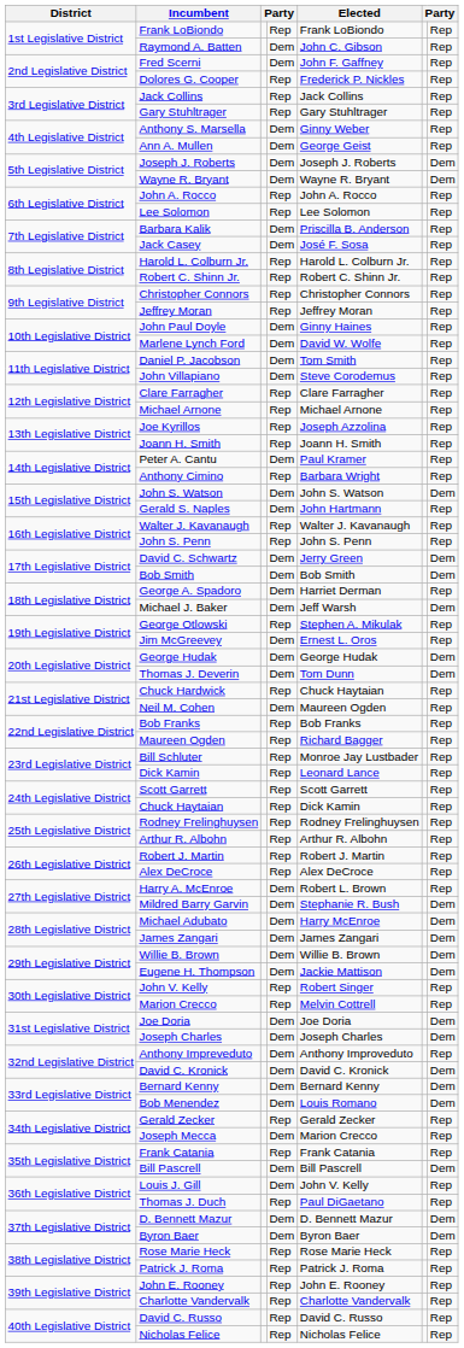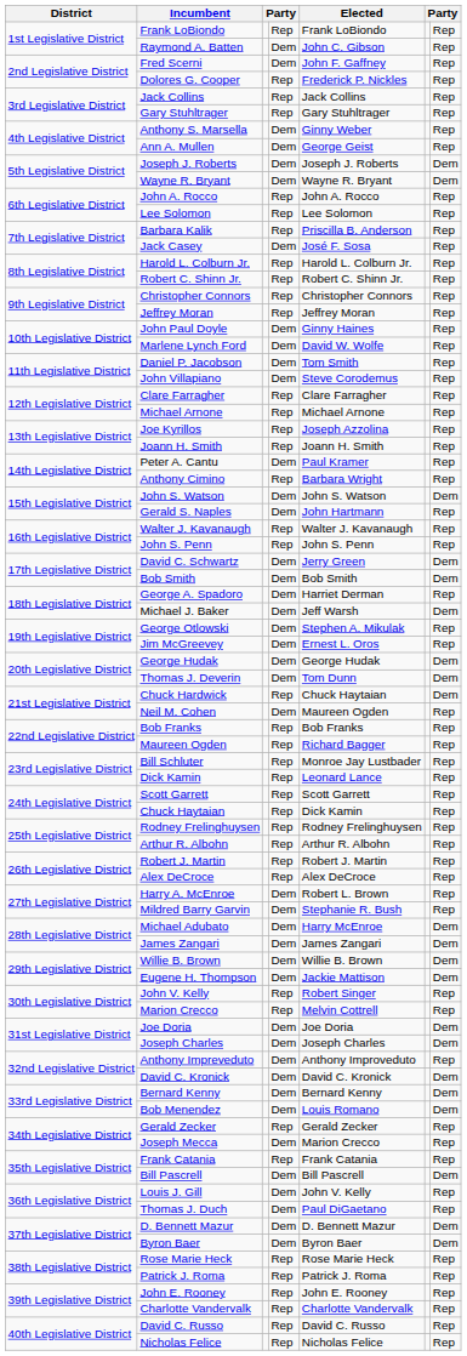 <table class="sortable wikitable" style="font-size:95%;line-height:14px;">
 <tr>
 <th>District</th>
 <th class="unsortable"><a href='#'>Incumbent</a></th>
 <th colspan="2">Party</th>
 <th class="unsortable">Elected</th>
 <th colspan="2">Party</th>
 </tr>
 <tr>
 <td rowspan="2"><a href='#'>1st Legislative District</a></td>
 <td><a href='#'>Frank LoBiondo</a></td>
 <td style="background:"></td>
 <td>Rep</td>
 <td>Frank LoBiondo</td>
 <td style="background:"></td>
 <td>Rep</td>
 </tr>
 <tr>
 <td><a href='#'>Raymond A. Batten</a></td>
 <td style="background:"></td>
 <td>Dem</td>
 <td><a href='#'>John C. Gibson</a></td>
 <td style="background:"></td>
 <td>Rep</td>
 </tr>
 <tr>
 <td rowspan="2"><a href='#'>2nd Legislative District</a></td>
 <td><a href='#'>Fred Scerni</a></td>
 <td style="background:"></td>
 <td>Dem</td>
 <td><a href='#'>John F. Gaffney</a></td>
 <td style="background:"></td>
 <td>Rep</td>
 </tr>
 <tr>
 <td><a href='#'>Dolores G. Cooper</a></td>
 <td style="background:"></td>
 <td>Rep</td>
 <td><a href='#'>Frederick P. Nickles</a></td>
 <td style="background:"></td>
 <td>Rep</td>
 </tr>
 <tr>
 <td rowspan="2"><a href='#'>3rd Legislative District</a></td>
 <td><a href='#'>Jack Collins</a></td>
 <td style="background:"></td>
 <td>Rep</td>
 <td>Jack Collins</td>
 <td style="background:"></td>
 <td>Rep</td>
 </tr>
 <tr>
 <td><a href='#'>Gary Stuhltrager</a></td>
 <td style="background:"></td>
 <td>Rep</td>
 <td>Gary Stuhltrager</td>
 <td style="background:"></td>
 <td>Rep</td>
 </tr>
 <tr>
 <td rowspan="2"><a href='#'>4th Legislative District</a></td>
 <td><a href='#'>Anthony S. Marsella</a></td>
 <td style="background:"></td>
 <td>Dem</td>
 <td><a href='#'>Ginny Weber</a></td>
 <td style="background:"></td>
 <td>Rep</td>
 </tr>
 <tr>
 <td><a href='#'>Ann A. Mullen</a></td>
 <td style="background:"></td>
 <td>Dem</td>
 <td><a href='#'>George Geist</a></td>
 <td style="background:"></td>
 <td>Rep</td>
 </tr>
 <tr>
 <td rowspan="2"><a href='#'>5th Legislative District</a></td>
 <td><a href='#'>Joseph J. Roberts</a></td>
 <td style="background:"></td>
 <td>Dem</td>
 <td>Joseph J. Roberts</td>
 <td style="background:"></td>
 <td>Dem</td>
 </tr>
 <tr>
 <td><a href='#'>Wayne R. Bryant</a></td>
 <td style="background:"></td>
 <td>Dem</td>
 <td>Wayne R. Bryant</td>
 <td style="background:"></td>
 <td>Dem</td>
 </tr>
 <tr>
 <td rowspan="2"><a href='#'>6th Legislative District</a></td>
 <td><a href='#'>John A. Rocco</a></td>
 <td style="background:"></td>
 <td>Rep</td>
 <td>John A. Rocco</td>
 <td style="background:"></td>
 <td>Rep</td>
 </tr>
 <tr>
 <td><a href='#'>Lee Solomon</a></td>
 <td style="background:"></td>
 <td>Rep</td>
 <td>Lee Solomon</td>
 <td style="background:"></td>
 <td>Rep</td>
 </tr>
 <tr>
 <td rowspan="2"><a href='#'>7th Legislative District</a></td>
 <td><a href='#'>Barbara Kalik</a></td>
 <td style="background:"></td>
-<td>Dem</td>
+<td>Rep</td>
 <td><a href='#'>Priscilla B. Anderson</a></td>
 <td style="background:"></td>
 <td>Rep</td>
 </tr>
 <tr>
 <td><a href='#'>Jack Casey</a></td>
 <td style="background:"></td>
 <td>Dem</td>
 <td><a href='#'>José F. Sosa</a></td>
 <td style="background:"></td>
 <td>Rep</td>
 </tr>
 <tr>
 <td rowspan="2"><a href='#'>8th Legislative District</a></td>
 <td><a href='#'>Harold L. Colburn Jr.</a></td>
 <td style="background:"></td>
 <td>Rep</td>
 <td>Harold L. Colburn Jr.</td>
 <td style="background:"></td>
 <td>Rep</td>
 </tr>
 <tr>
 <td><a href='#'>Robert C. Shinn Jr.</a></td>
 <td style="background:"></td>
 <td>Rep</td>
 <td>Robert C. Shinn Jr.</td>
 <td style="background:"></td>
 <td>Rep</td>
 </tr>
 <tr>
 <td rowspan="2"><a href='#'>9th Legislative District</a></td>
 <td><a href='#'>Christopher Connors</a></td>
 <td style="background:"></td>
 <td>Rep</td>
 <td>Christopher Connors</td>
 <td style="background:"></td>
 <td>Rep</td>
 </tr>
 <tr>
 <td><a href='#'>Jeffrey Moran</a></td>
 <td style="background:"></td>
 <td>Rep</td>
 <td>Jeffrey Moran</td>
 <td style="background:"></td>
 <td>Rep</td>
 </tr>
 <tr>
 <td rowspan="2"><a href='#'>10th Legislative District</a></td>
 <td><a href='#'>John Paul Doyle</a></td>
 <td style="background:"></td>
 <td>Dem</td>
 <td><a href='#'>Ginny Haines</a></td>
 <td style="background:"></td>
 <td>Rep</td>
 </tr>
 <tr>
 <td><a href='#'>Marlene Lynch Ford</a></td>
 <td style="background:"></td>
 <td>Dem</td>
 <td><a href='#'>David W. Wolfe</a></td>
 <td style="background:"></td>
 <td>Rep</td>
 </tr>
 <tr>
 <td rowspan="2"><a href='#'>11th Legislative District</a></td>
 <td><a href='#'>Daniel P. Jacobson</a></td>
 <td style="background:"></td>
 <td>Dem</td>
 <td><a href='#'>Tom Smith</a></td>
 <td style="background:"></td>
 <td>Rep</td>
 </tr>
 <tr>
 <td><a href='#'>John Villapiano</a></td>
 <td style="background:"></td>
 <td>Dem</td>
 <td><a href='#'>Steve Corodemus</a></td>
 <td style="background:"></td>
 <td>Rep</td>
 </tr>
 <tr>
 <td rowspan="2"><a href='#'>12th Legislative District</a></td>
 <td><a href='#'>Clare Farragher</a></td>
 <td style="background:"></td>
 <td>Rep</td>
 <td>Clare Farragher</td>
 <td style="background:"></td>
 <td>Rep</td>
 </tr>
 <tr>
 <td><a href='#'>Michael Arnone</a></td>
 <td style="background:"></td>
 <td>Rep</td>
 <td>Michael Arnone</td>
 <td style="background:"></td>
 <td>Rep</td>
 </tr>
 <tr>
 <td rowspan="2"><a href='#'>13th Legislative District</a></td>
 <td><a href='#'>Joe Kyrillos</a></td>
 <td style="background:"></td>
 <td>Rep</td>
 <td><a href='#'>Joseph Azzolina</a></td>
 <td style="background:"></td>
 <td>Rep</td>
 </tr>
 <tr>
 <td><a href='#'>Joann H. Smith</a></td>
 <td style="background:"></td>
 <td>Rep</td>
 <td>Joann H. Smith</td>
 <td style="background:"></td>
 <td>Rep</td>
 </tr>
 <tr>
 <td rowspan="2"><a href='#'>14th Legislative District</a></td>
 <td>Peter A. Cantu</td>
 <td style="background:"></td>
 <td>Dem</td>
 <td><a href='#'>Paul Kramer</a></td>
 <td style="background:"></td>
 <td>Rep</td>
 </tr>
 <tr>
 <td><a href='#'>Anthony Cimino</a></td>
 <td style="background:"></td>
 <td>Rep</td>
 <td><a href='#'>Barbara Wright</a></td>
 <td style="background:"></td>
 <td>Rep</td>
 </tr>
 <tr>
 <td rowspan="2"><a href='#'>15th Legislative District</a></td>
 <td><a href='#'>John S. Watson</a></td>
 <td style="background:"></td>
 <td>Dem</td>
 <td>John S. Watson</td>
 <td style="background:"></td>
 <td>Dem</td>
 </tr>
 <tr>
 <td><a href='#'>Gerald S. Naples</a></td>
 <td style="background:"></td>
 <td>Dem</td>
 <td><a href='#'>John Hartmann</a></td>
 <td style="background:"></td>
 <td>Rep</td>
 </tr>
 <tr>
 <td rowspan="2"><a href='#'>16th Legislative District</a></td>
 <td><a href='#'>Walter J. Kavanaugh</a></td>
 <td style="background:"></td>
 <td>Rep</td>
 <td>Walter J. Kavanaugh</td>
 <td style="background:"></td>
 <td>Rep</td>
 </tr>
 <tr>
 <td><a href='#'>John S. Penn</a></td>
 <td style="background:"></td>
 <td>Rep</td>
 <td>John S. Penn</td>
 <td style="background:"></td>
 <td>Rep</td>
 </tr>
 <tr>
 <td rowspan="2"><a href='#'>17th Legislative District</a></td>
 <td><a href='#'>David C. Schwartz</a></td>
 <td style="background:"></td>
 <td>Dem</td>
 <td><a href='#'>Jerry Green</a></td>
 <td style="background:"></td>
 <td>Dem</td>
 </tr>
 <tr>
 <td><a href='#'>Bob Smith</a></td>
 <td style="background:"></td>
 <td>Dem</td>
 <td>Bob Smith</td>
 <td style="background:"></td>
 <td>Dem</td>
 </tr>
 <tr>
 <td rowspan="2"><a href='#'>18th Legislative District</a></td>
 <td><a href='#'>George A. Spadoro</a></td>
 <td style="background:"></td>
 <td>Dem</td>
 <td>Harriet Derman</td>
 <td style="background:"></td>
 <td>Rep</td>
 </tr>
 <tr>
 <td>Michael J. Baker</td>
 <td style="background:"></td>
 <td>Dem</td>
 <td>Jeff Warsh</td>
 <td style="background:"></td>
 <td>Dem</td>
 </tr>
 <tr>
 <td rowspan="2"><a href='#'>19th Legislative District</a></td>
 <td><a href='#'>George Otlowski</a></td>
 <td style="background:"></td>
-<td>Rep</td>
+<td>Dem</td>
 <td><a href='#'>Stephen A. Mikulak</a></td>
 <td style="background:"></td>
 <td>Rep</td>
 </tr>
 <tr>
 <td><a href='#'>Jim McGreevey</a></td>
 <td style="background:"></td>
 <td>Dem</td>
 <td><a href='#'>Ernest L. Oros</a></td>
 <td style="background:"></td>
 <td>Rep</td>
 </tr>
 <tr>
 <td rowspan="2"><a href='#'>20th Legislative District</a></td>
 <td><a href='#'>George Hudak</a></td>
 <td style="background:"></td>
 <td>Dem</td>
 <td>George Hudak</td>
 <td style="background:"></td>
 <td>Dem</td>
 </tr>
 <tr>
 <td><a href='#'>Thomas J. Deverin</a></td>
 <td style="background:"></td>
 <td>Dem</td>
 <td><a href='#'>Tom Dunn</a></td>
 <td style="background:"></td>
 <td>Dem</td>
 </tr>
 <tr>
 <td rowspan="2"><a href='#'>21st Legislative District</a></td>
 <td><a href='#'>Chuck Hardwick</a></td>
 <td style="background:"></td>
 <td>Rep</td>
 <td>Chuck Haytaian</td>
 <td style="background:"></td>
-<td>Rep</td>
+<td>Dem</td>
 </tr>
 <tr>
 <td><a href='#'>Neil M. Cohen</a></td>
 <td style="background:"></td>
 <td>Dem</td>
 <td>Maureen Ogden</td>
 <td style="background:"></td>
 <td>Rep</td>
 </tr>
 <tr>
 <td rowspan="2"><a href='#'>22nd Legislative District</a></td>
 <td><a href='#'>Bob Franks</a></td>
 <td style="background:"></td>
 <td>Rep</td>
 <td>Bob Franks</td>
 <td style="background:"></td>
 <td>Rep</td>
 </tr>
 <tr>
 <td><a href='#'>Maureen Ogden</a></td>
 <td style="background:"></td>
 <td>Rep</td>
 <td><a href='#'>Richard Bagger</a></td>
 <td style="background:"></td>
 <td>Rep</td>
 </tr>
 <tr>
 <td rowspan="2"><a href='#'>23rd Legislative District</a></td>
 <td><a href='#'>Bill Schluter</a><a href='#'></a></td>
 <td style="background:"></td>
 <td>Rep</td>
 <td>Monroe Jay Lustbader</td>
 <td style="background:"></td>
 <td>Rep</td>
 </tr>
 <tr>
 <td><a href='#'>Dick Kamin</a></td>
 <td style="background:"></td>
 <td>Rep</td>
 <td><a href='#'>Leonard Lance</a></td>
 <td style="background:"></td>
 <td>Rep</td>
 </tr>
 <tr>
 <td rowspan="2"><a href='#'>24th Legislative District</a></td>
 <td><a href='#'>Scott Garrett</a></td>
 <td style="background:"></td>
 <td>Rep</td>
 <td>Scott Garrett</td>
 <td style="background:"></td>
 <td>Rep</td>
 </tr>
 <tr>
 <td><a href='#'>Chuck Haytaian</a></td>
 <td style="background:"></td>
 <td>Rep</td>
 <td>Dick Kamin</td>
 <td style="background:"></td>
 <td>Rep</td>
 </tr>
 <tr>
 <td rowspan="2"><a href='#'>25th Legislative District</a></td>
 <td><a href='#'>Rodney Frelinghuysen</a></td>
 <td style="background:"></td>
 <td>Rep</td>
 <td>Rodney Frelinghuysen</td>
 <td style="background:"></td>
 <td>Rep</td>
 </tr>
 <tr>
 <td><a href='#'>Arthur R. Albohn</a></td>
 <td style="background:"></td>
 <td>Rep</td>
 <td>Arthur R. Albohn</td>
 <td style="background:"></td>
 <td>Rep</td>
 </tr>
 <tr>
 <td rowspan="2"><a href='#'>26th Legislative District</a></td>
 <td><a href='#'>Robert J. Martin</a></td>
 <td style="background:"></td>
 <td>Rep</td>
 <td>Robert J. Martin</td>
 <td style="background:"></td>
 <td>Rep</td>
 </tr>
 <tr>
 <td><a href='#'>Alex DeCroce</a></td>
 <td style="background:"></td>
 <td>Rep</td>
 <td>Alex DeCroce</td>
 <td style="background:"></td>
 <td>Rep</td>
 </tr>
 <tr>
 <td rowspan="2"><a href='#'>27th Legislative District</a></td>
 <td><a href='#'>Harry A. McEnroe</a></td>
 <td style="background:"></td>
 <td>Dem</td>
 <td>Robert L. Brown</td>
 <td style="background:"></td>
 <td>Rep</td>
 </tr>
 <tr>
 <td><a href='#'>Mildred Barry Garvin</a></td>
 <td style="background:"></td>
 <td>Dem</td>
 <td><a href='#'>Stephanie R. Bush</a></td>
 <td style="background:"></td>
-<td>Dem</td>
+<td>Rep</td>
 </tr>
 <tr>
 <td rowspan="2"><a href='#'>28th Legislative District</a></td>
 <td><a href='#'>Michael Adubato</a></td>
 <td style="background:"></td>
 <td>Dem</td>
 <td><a href='#'>Harry McEnroe</a></td>
 <td style="background:"></td>
 <td>Dem</td>
 </tr>
 <tr>
 <td><a href='#'>James Zangari</a></td>
 <td style="background:"></td>
 <td>Dem</td>
 <td>James Zangari</td>
 <td style="background:"></td>
 <td>Dem</td>
 </tr>
 <tr>
 <td rowspan="2"><a href='#'>29th Legislative District</a></td>
 <td><a href='#'>Willie B. Brown</a></td>
 <td style="background:"></td>
 <td>Dem</td>
 <td>Willie B. Brown</td>
 <td style="background:"></td>
 <td>Dem</td>
 </tr>
 <tr>
 <td><a href='#'>Eugene H. Thompson</a></td>
 <td style="background:"></td>
 <td>Dem</td>
 <td><a href='#'>Jackie Mattison</a></td>
 <td style="background:"></td>
 <td>Dem</td>
 </tr>
 <tr>
 <td rowspan="2"><a href='#'>30th Legislative District</a></td>
 <td><a href='#'>John V. Kelly</a></td>
 <td style="background:"></td>
 <td>Rep</td>
 <td><a href='#'>Robert Singer</a></td>
 <td style="background:"></td>
 <td>Rep</td>
 </tr>
 <tr>
 <td><a href='#'>Marion Crecco</a></td>
 <td style="background:"></td>
 <td>Rep</td>
 <td><a href='#'>Melvin Cottrell</a></td>
 <td style="background:"></td>
 <td>Rep</td>
 </tr>
 <tr>
 <td rowspan="2"><a href='#'>31st Legislative District</a></td>
 <td><a href='#'>Joe Doria</a></td>
 <td style="background:"></td>
 <td>Dem</td>
 <td>Joe Doria</td>
 <td style="background:"></td>
 <td>Dem</td>
 </tr>
 <tr>
 <td><a href='#'>Joseph Charles</a></td>
 <td style="background:"></td>
 <td>Dem</td>
 <td>Joseph Charles</td>
 <td style="background:"></td>
 <td>Dem</td>
 </tr>
 <tr>
 <td rowspan="2"><a href='#'>32nd Legislative District</a></td>
 <td><a href='#'>Anthony Impreveduto</a></td>
 <td style="background:"></td>
 <td>Dem</td>
 <td>Anthony Improveduto</td>
 <td style="background:"></td>
 <td>Rep</td>
 </tr>
 <tr>
 <td><a href='#'>David C. Kronick</a></td>
 <td style="background:"></td>
 <td>Dem</td>
 <td>David C. Kronick</td>
 <td style="background:"></td>
 <td>Dem</td>
 </tr>
 <tr>
 <td rowspan="2"><a href='#'>33rd Legislative District</a></td>
 <td><a href='#'>Bernard Kenny</a></td>
 <td style="background:"></td>
 <td>Dem</td>
 <td>Bernard Kenny</td>
 <td style="background:"></td>
 <td>Dem</td>
 </tr>
 <tr>
 <td><a href='#'>Bob Menendez</a></td>
 <td style="background:"></td>
 <td>Dem</td>
 <td><a href='#'>Louis Romano</a></td>
 <td style="background:"></td>
 <td>Dem</td>
 </tr>
 <tr>
 <td rowspan="2"><a href='#'>34th Legislative District</a></td>
 <td><a href='#'>Gerald Zecker</a></td>
 <td style="background:"></td>
 <td>Rep</td>
 <td>Gerald Zecker</td>
 <td style="background:"></td>
 <td>Rep</td>
 </tr>
 <tr>
 <td><a href='#'>Joseph Mecca</a></td>
 <td style="background:"></td>
 <td>Dem</td>
 <td>Marion Crecco</td>
 <td style="background:"></td>
 <td>Rep</td>
 </tr>
 <tr>
 <td rowspan="2"><a href='#'>35th Legislative District</a></td>
 <td><a href='#'>Frank Catania</a></td>
 <td style="background:"></td>
 <td>Rep</td>
 <td>Frank Catania</td>
 <td style="background:"></td>
 <td>Rep</td>
 </tr>
 <tr>
 <td><a href='#'>Bill Pascrell</a></td>
 <td style="background:"></td>
 <td>Dem</td>
 <td>Bill Pascrell</td>
 <td style="background:"></td>
 <td>Dem</td>
 </tr>
 <tr>
 <td rowspan="2"><a href='#'>36th Legislative District</a></td>
 <td><a href='#'>Louis J. Gill</a></td>
 <td style="background:"></td>
 <td>Dem</td>
 <td>John V. Kelly</td>
 <td style="background:"></td>
 <td>Rep</td>
 </tr>
 <tr>
 <td><a href='#'>Thomas J. Duch</a></td>
 <td style="background:"></td>
-<td>Rep</td>
+<td>Dem</td>
 <td><a href='#'>Paul DiGaetano</a></td>
 <td style="background:"></td>
 <td>Rep</td>
 </tr>
 <tr>
 <td rowspan="2"><a href='#'>37th Legislative District</a></td>
 <td><a href='#'>D. Bennett Mazur</a></td>
 <td style="background:"></td>
 <td>Dem</td>
 <td>D. Bennett Mazur</td>
 <td style="background:"></td>
 <td>Dem</td>
 </tr>
 <tr>
 <td><a href='#'>Byron Baer</a></td>
 <td style="background:"></td>
 <td>Dem</td>
 <td>Byron Baer</td>
 <td style="background:"></td>
 <td>Dem</td>
 </tr>
 <tr>
 <td rowspan="2"><a href='#'>38th Legislative District</a></td>
 <td><a href='#'>Rose Marie Heck</a></td>
 <td style="background:"></td>
 <td>Rep</td>
 <td>Rose Marie Heck</td>
 <td style="background:"></td>
 <td>Rep</td>
 </tr>
 <tr>
 <td><a href='#'>Patrick J. Roma</a></td>
 <td style="background:"></td>
 <td>Rep</td>
 <td>Patrick J. Roma</td>
 <td style="background:"></td>
 <td>Rep</td>
 </tr>
 <tr>
 <td rowspan="2"><a href='#'>39th Legislative District</a></td>
 <td><a href='#'>John E. Rooney</a></td>
 <td style="background:"></td>
 <td>Rep</td>
 <td>John E. Rooney</td>
 <td style="background:"></td>
 <td>Rep</td>
 </tr>
 <tr>
 <td><a href='#'>Charlotte Vandervalk</a></td>
 <td style="background:"></td>
 <td>Rep</td>
 <td><a href='#'>Charlotte Vandervalk</a></td>
 <td style="background:"></td>
 <td>Rep</td>
 </tr>
 <tr>
 <td rowspan="2"><a href='#'>40th Legislative District</a></td>
 <td><a href='#'>David C. Russo</a></td>
 <td style="background:"></td>
 <td>Rep</td>
 <td>David C. Russo</td>
 <td style="background:"></td>
 <td>Rep</td>
 </tr>
 <tr>
 <td><a href='#'>Nicholas Felice</a></td>
 <td style="background:"></td>
 <td>Rep</td>
 <td>Nicholas Felice</td>
 <td style="background:"></td>
 <td>Rep</td>
 </tr>
 </table>
